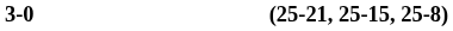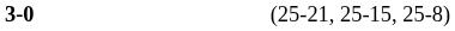 <table width=100% cellspacing=1>
 <tr>
 <th width=20%></th>
 <th width=12%></th>
 <th width=20%></th>
 <th width=33%></th>
 <td></td>
 </tr>
 <tr style=font-size:90%>
 <td align=right></td>
 <td align=center><strong>3-0</strong></td>
 <td></td>
-<td><strong>(25-21, 25-15, 25-8)</strong></td>
+<td>(25-21, 25-15, 25-8)</td>
 </tr>
 </table>
